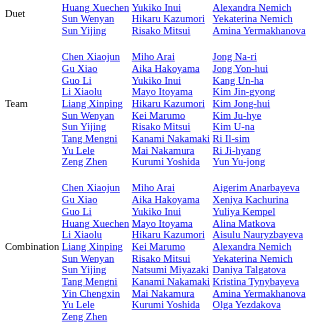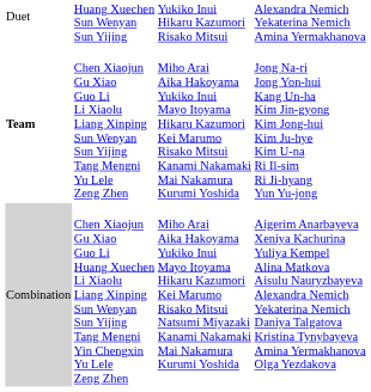 <table>
 <tr>
 <td>Duet<br></td>
 <td><br><a href='#'>Huang Xuechen</a><br><a href='#'>Sun Wenyan</a><br><a href='#'>Sun Yijing</a></td>
 <td><br><a href='#'>Yukiko Inui</a><br><a href='#'>Hikaru Kazumori</a><br><a href='#'>Risako Mitsui</a></td>
 <td><br><a href='#'>Alexandra Nemich</a><br><a href='#'>Yekaterina Nemich</a><br><a href='#'>Amina Yermakhanova</a></td>
 </tr>
 <tr>
-<td>Team<br></td>
+<td><strong>Team<br></strong></td>
 <td><br><a href='#'>Chen Xiaojun</a><br><a href='#'>Gu Xiao</a><br><a href='#'>Guo Li</a><br><a href='#'>Li Xiaolu</a><br><a href='#'>Liang Xinping</a><br><a href='#'>Sun Wenyan</a><br><a href='#'>Sun Yijing</a><br><a href='#'>Tang Mengni</a><br><a href='#'>Yu Lele</a><br><a href='#'>Zeng Zhen</a></td>
 <td><br><a href='#'>Miho Arai</a><br><a href='#'>Aika Hakoyama</a><br><a href='#'>Yukiko Inui</a><br><a href='#'>Mayo Itoyama</a><br><a href='#'>Hikaru Kazumori</a><br><a href='#'>Kei Marumo</a><br><a href='#'>Risako Mitsui</a><br><a href='#'>Kanami Nakamaki</a><br><a href='#'>Mai Nakamura</a><br><a href='#'>Kurumi Yoshida</a></td>
 <td><br><a href='#'>Jong Na-ri</a><br><a href='#'>Jong Yon-hui</a><br><a href='#'>Kang Un-ha</a><br><a href='#'>Kim Jin-gyong</a><br><a href='#'>Kim Jong-hui</a><br><a href='#'>Kim Ju-hye</a><br><a href='#'>Kim U-na</a><br><a href='#'>Ri Il-sim</a><br><a href='#'>Ri Ji-hyang</a><br><a href='#'>Yun Yu-jong</a></td>
 </tr>
 <tr>
-<td>Combination<br></td>
+<td style="background: lightgrey;">Combination<br></td>
 <td><br><a href='#'>Chen Xiaojun</a><br><a href='#'>Gu Xiao</a><br><a href='#'>Guo Li</a><br><a href='#'>Huang Xuechen</a><br><a href='#'>Li Xiaolu</a><br><a href='#'>Liang Xinping</a><br><a href='#'>Sun Wenyan</a><br><a href='#'>Sun Yijing</a><br><a href='#'>Tang Mengni</a><br><a href='#'>Yin Chengxin</a><br><a href='#'>Yu Lele</a><br><a href='#'>Zeng Zhen</a></td>
 <td valign=top><br><a href='#'>Miho Arai</a><br><a href='#'>Aika Hakoyama</a><br><a href='#'>Yukiko Inui</a><br><a href='#'>Mayo Itoyama</a><br><a href='#'>Hikaru Kazumori</a><br><a href='#'>Kei Marumo</a><br><a href='#'>Risako Mitsui</a><br><a href='#'>Natsumi Miyazaki</a><br><a href='#'>Kanami Nakamaki</a><br><a href='#'>Mai Nakamura</a><br><a href='#'>Kurumi Yoshida</a></td>
 <td valign=top><br><a href='#'>Aigerim Anarbayeva</a><br><a href='#'>Xeniya Kachurina</a><br><a href='#'>Yuliya Kempel</a><br><a href='#'>Alina Matkova</a><br><a href='#'>Aisulu Nauryzbayeva</a><br><a href='#'>Alexandra Nemich</a><br><a href='#'>Yekaterina Nemich</a><br><a href='#'>Daniya Talgatova</a><br><a href='#'>Kristina Tynybayeva</a><br><a href='#'>Amina Yermakhanova</a><br><a href='#'>Olga Yezdakova</a></td>
 </tr>
 </table>
